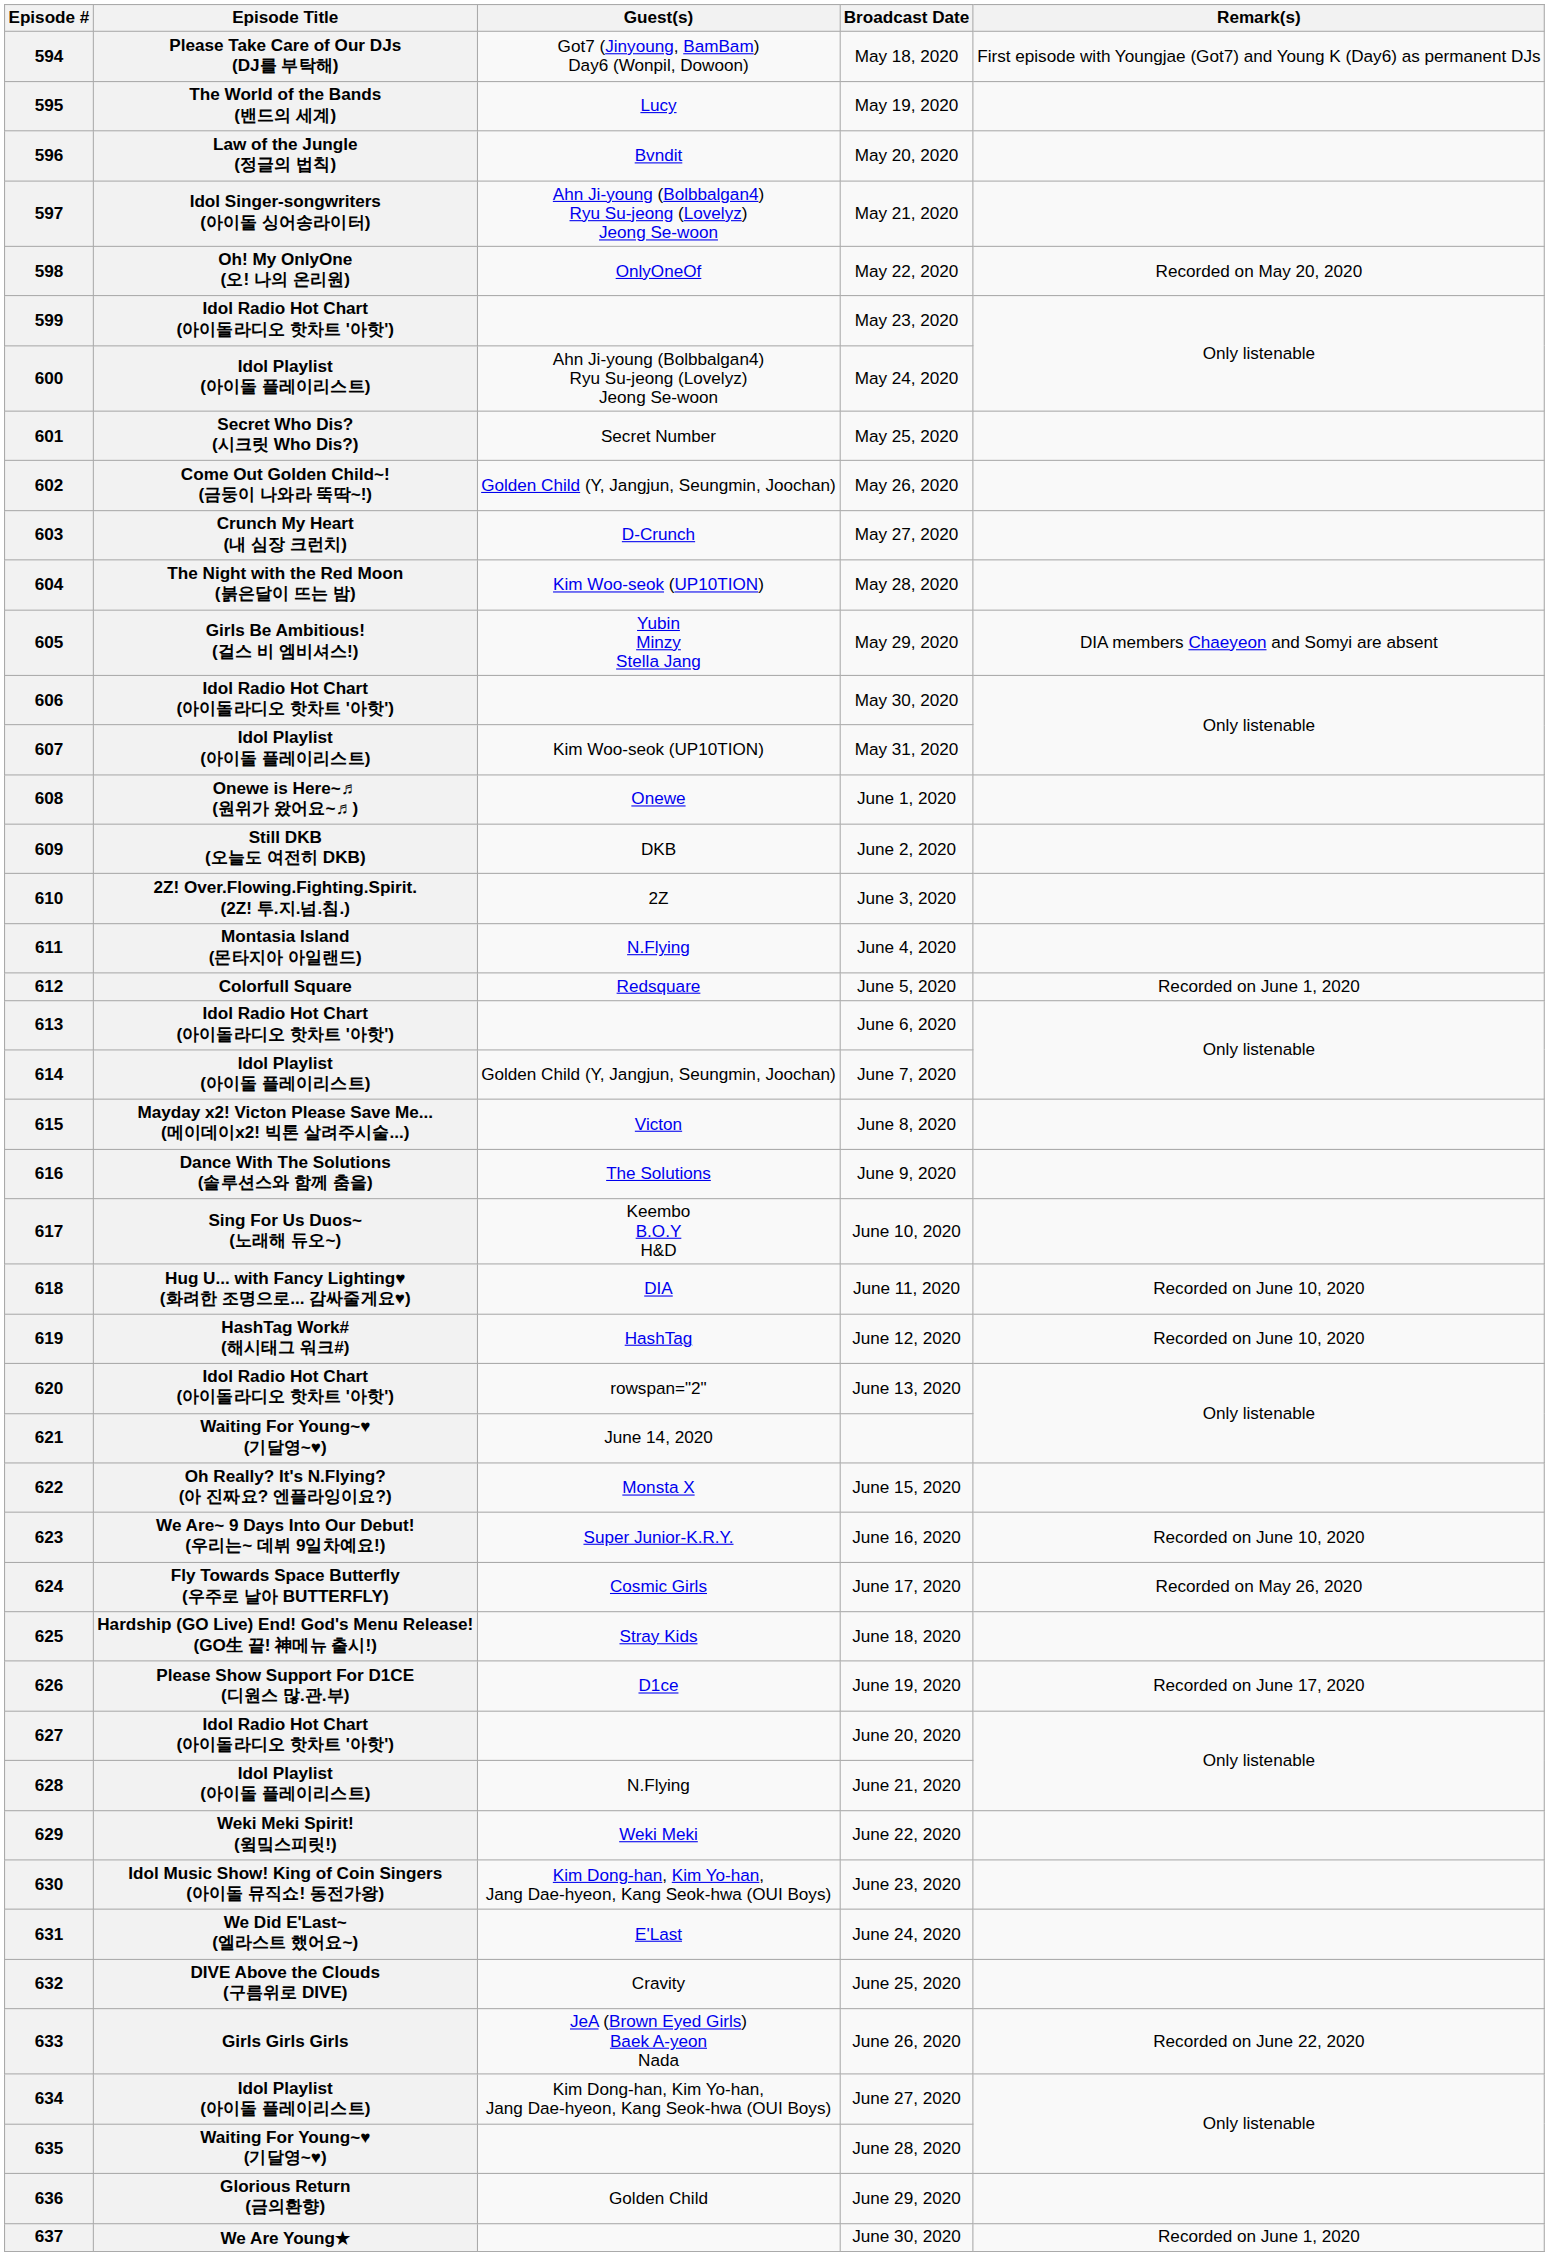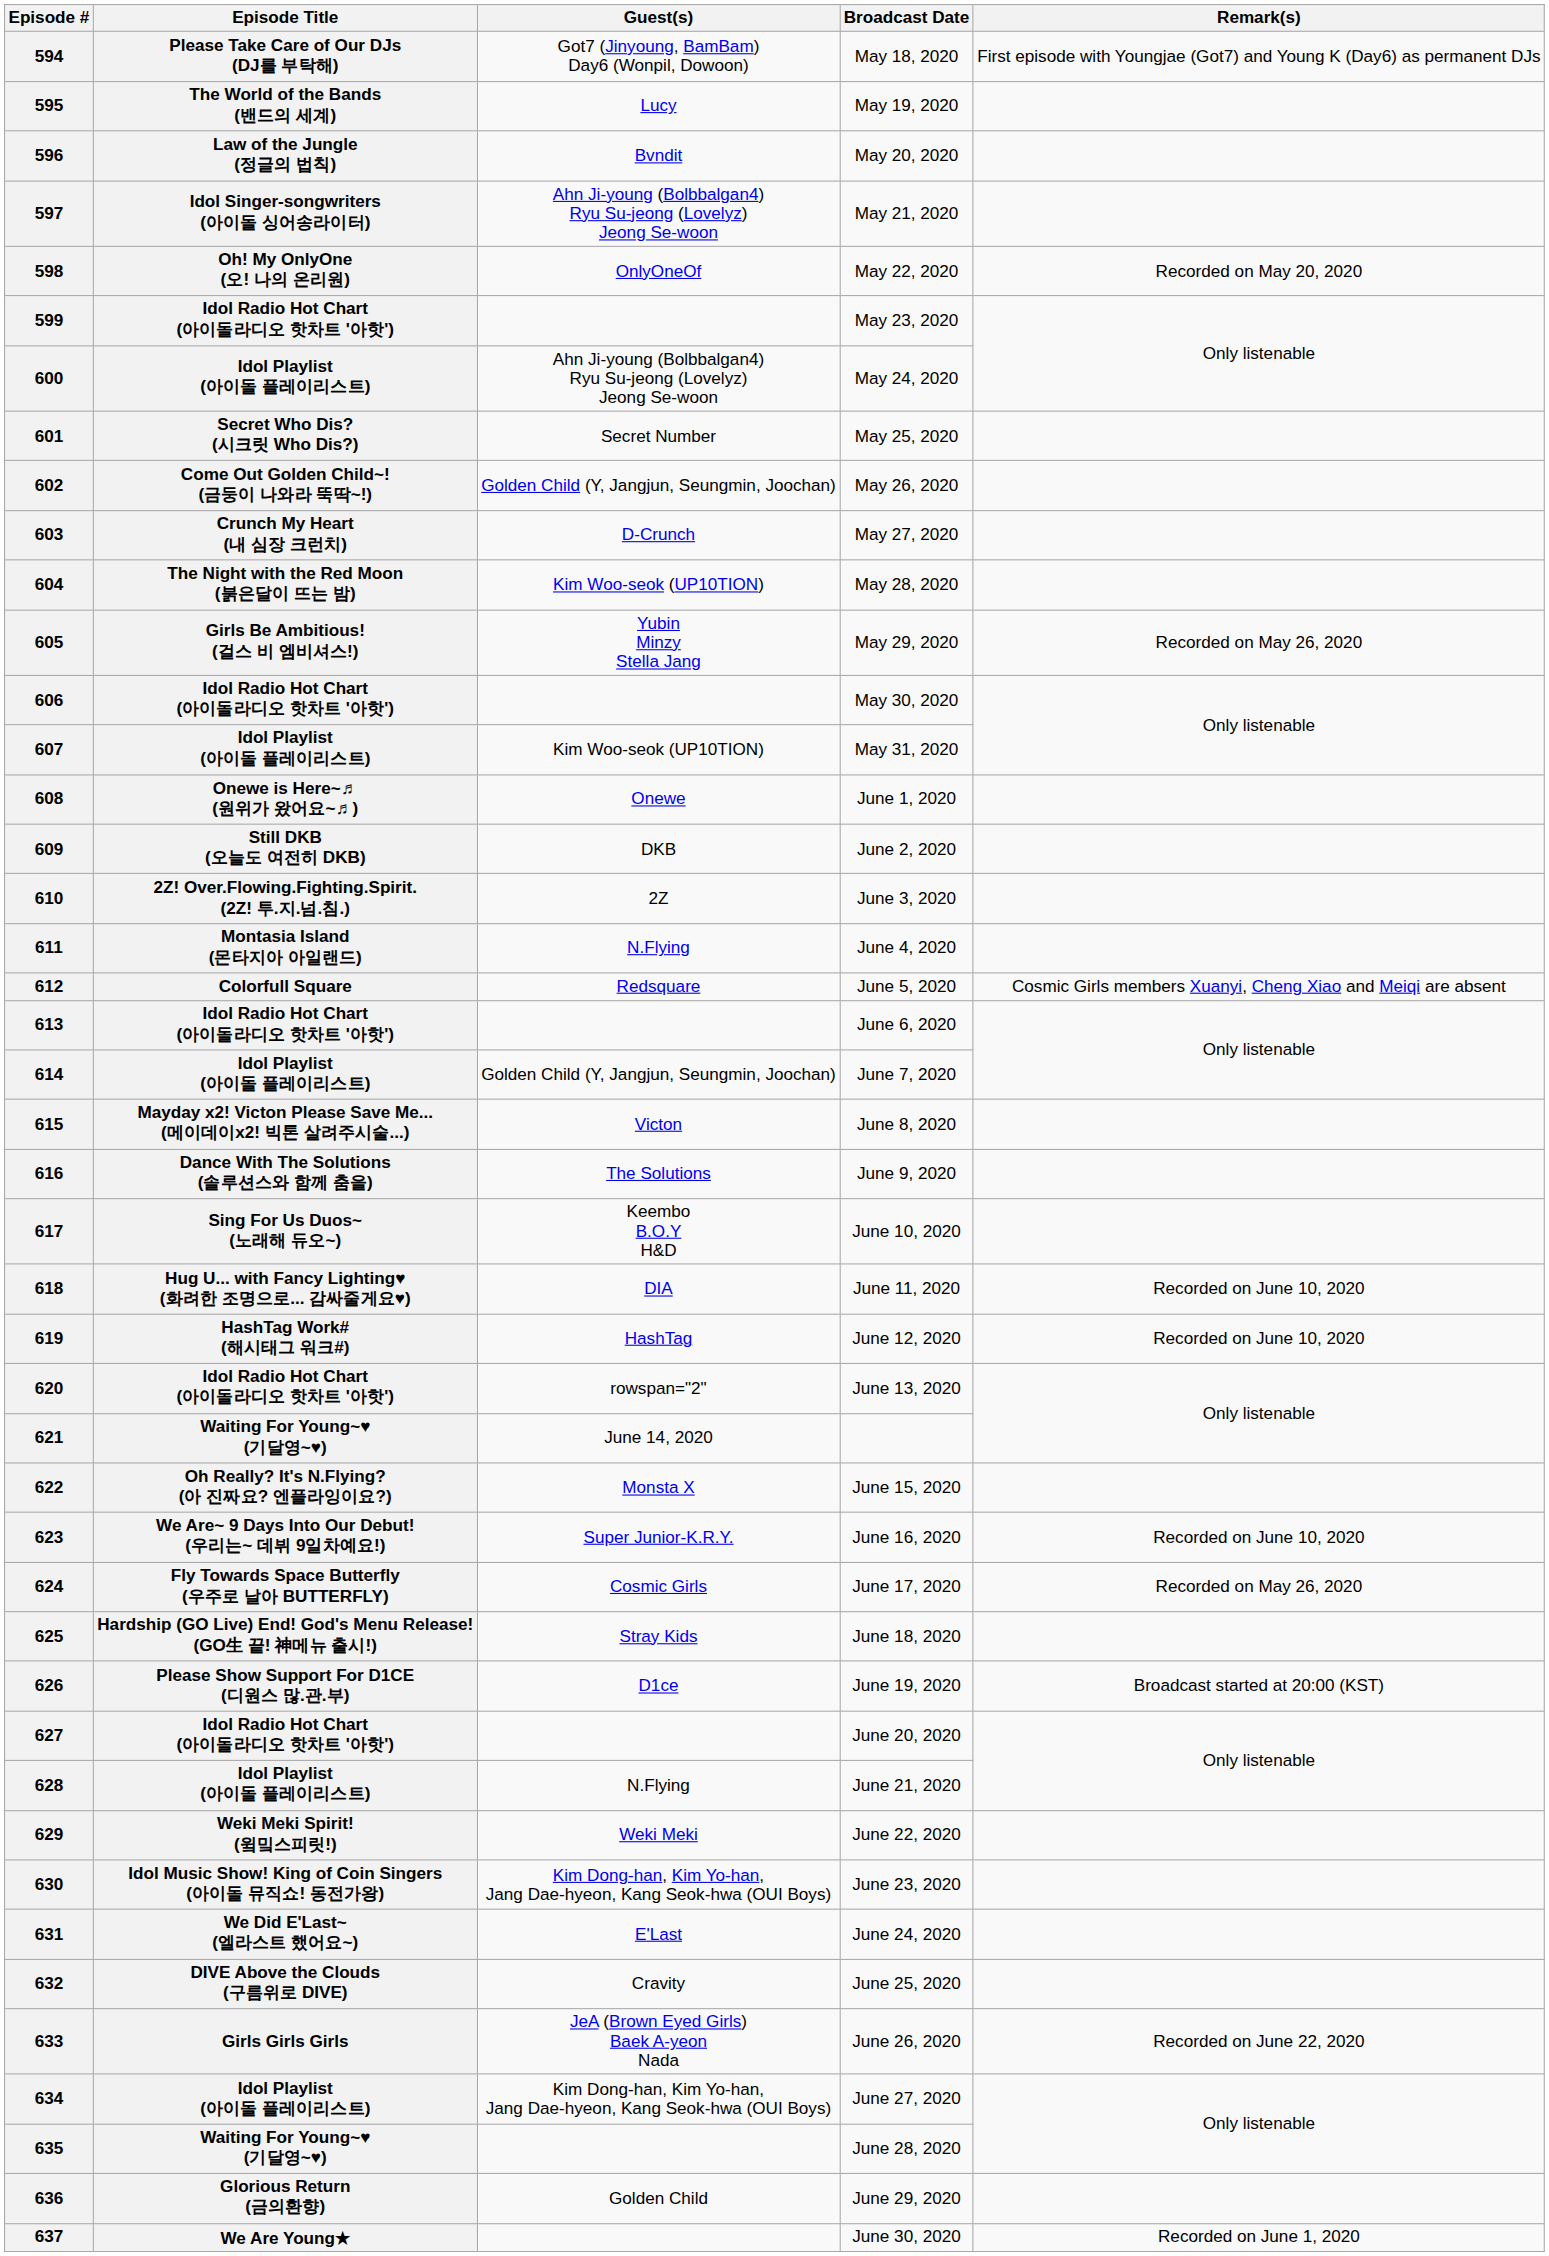 <table class="wikitable" style="text-align:center">
 <tr>
 <th>Episode #</th>
 <th>Episode Title</th>
 <th>Guest(s)</th>
 <th>Broadcast Date</th>
 <th>Remark(s)</th>
 </tr>
 <tr>
 <th>594</th>
 <th>Please Take Care of Our DJs<br>(DJ를 부탁해)</th>
 <td>Got7 (<a href='#'>Jinyoung</a>, <a href='#'>BamBam</a>)<br>Day6 (Wonpil, Dowoon)</td>
 <td>May 18, 2020</td>
 <td>First episode with Youngjae (Got7) and Young K (Day6) as permanent DJs</td>
 </tr>
 <tr>
 <th>595</th>
 <th>The World of the Bands<br>(밴드의 세계)</th>
 <td><a href='#'>Lucy</a></td>
 <td>May 19, 2020</td>
 <td></td>
 </tr>
 <tr>
 <th>596</th>
 <th>Law of the Jungle<br>(정글의 법칙)</th>
 <td><a href='#'>Bvndit</a></td>
 <td>May 20, 2020</td>
 <td></td>
 </tr>
 <tr>
 <th>597</th>
 <th>Idol Singer-songwriters<br>(아이돌 싱어송라이터)</th>
 <td><a href='#'>Ahn Ji-young</a> (<a href='#'>Bolbbalgan4</a>)<br><a href='#'>Ryu Su-jeong</a> (<a href='#'>Lovelyz</a>)<br><a href='#'>Jeong Se-woon</a></td>
 <td>May 21, 2020</td>
 <td></td>
 </tr>
 <tr>
 <th>598</th>
 <th>Oh! My OnlyOne<br>(오! 나의 온리원)</th>
 <td><a href='#'>OnlyOneOf</a></td>
 <td>May 22, 2020</td>
 <td>Recorded on May 20, 2020</td>
 </tr>
 <tr>
 <th>599</th>
 <th>Idol Radio Hot Chart<br>(아이돌라디오 핫차트 '아핫')</th>
 <td></td>
 <td>May 23, 2020</td>
 <td rowspan="2">Only listenable</td>
 </tr>
 <tr>
 <th>600</th>
 <th>Idol Playlist<br>(아이돌 플레이리스트)</th>
 <td>Ahn Ji-young (Bolbbalgan4)<br>Ryu Su-jeong (Lovelyz)<br>Jeong Se-woon</td>
 <td>May 24, 2020</td>
 </tr>
 <tr>
 <th>601</th>
 <th>Secret Who Dis?<br>(시크릿 Who Dis?)</th>
 <td>Secret Number</td>
 <td>May 25, 2020</td>
 <td></td>
 </tr>
 <tr>
 <th>602</th>
 <th>Come Out Golden Child~!<br>(금둥이 나와라 뚝딱~!)</th>
 <td><a href='#'>Golden Child</a> (Y, Jangjun, Seungmin, Joochan)</td>
 <td>May 26, 2020</td>
 <td></td>
 </tr>
 <tr>
 <th>603</th>
 <th>Crunch My Heart<br>(내 심장 크런치)</th>
 <td><a href='#'>D-Crunch</a></td>
 <td>May 27, 2020</td>
 <td></td>
 </tr>
 <tr>
 <th>604</th>
 <th>The Night with the Red Moon<br>(붉은달이 뜨는 밤)</th>
 <td><a href='#'>Kim Woo-seok</a> (<a href='#'>UP10TION</a>)</td>
 <td>May 28, 2020</td>
 <td></td>
 </tr>
 <tr>
 <th>605</th>
 <th>Girls Be Ambitious!<br>(걸스 비 엠비셔스!)</th>
 <td><a href='#'>Yubin</a><br><a href='#'>Minzy</a><br><a href='#'>Stella Jang</a></td>
 <td>May 29, 2020</td>
-<td>DIA members <a href='#'>Chaeyeon</a> and Somyi are absent</td>
+<td>Recorded on May 26, 2020</td>
 </tr>
 <tr>
 <th>606</th>
 <th>Idol Radio Hot Chart<br>(아이돌라디오 핫차트 '아핫')</th>
 <td></td>
 <td>May 30, 2020</td>
 <td rowspan="2">Only listenable</td>
 </tr>
 <tr>
 <th>607</th>
 <th>Idol Playlist<br>(아이돌 플레이리스트)</th>
 <td>Kim Woo-seok (UP10TION)</td>
 <td>May 31, 2020</td>
 </tr>
 <tr>
 <th>608</th>
 <th>Onewe is Here~♬<br>(원위가 왔어요~♬)</th>
 <td><a href='#'>Onewe</a></td>
 <td>June 1, 2020</td>
 <td></td>
 </tr>
 <tr>
 <th>609</th>
 <th>Still DKB<br>(오늘도 여전히 DKB)</th>
 <td>DKB</td>
 <td>June 2, 2020</td>
 <td></td>
 </tr>
 <tr>
 <th>610</th>
 <th>2Z! Over.Flowing.Fighting.Spirit.<br>(2Z! 투.지.넘.침.)</th>
 <td>2Z</td>
 <td>June 3, 2020</td>
 <td></td>
 </tr>
 <tr>
 <th>611</th>
 <th>Montasia Island<br>(몬타지아 아일랜드)</th>
 <td><a href='#'>N.Flying</a></td>
 <td>June 4, 2020</td>
 <td></td>
 </tr>
 <tr>
 <th>612</th>
 <th>Colorfull Square</th>
 <td><a href='#'>Redsquare</a></td>
 <td>June 5, 2020</td>
-<td>Recorded on June 1, 2020</td>
+<td>Cosmic Girls members <a href='#'>Xuanyi</a>, <a href='#'>Cheng Xiao</a> and <a href='#'>Meiqi</a> are absent</td>
 </tr>
 <tr>
 <th>613</th>
 <th>Idol Radio Hot Chart<br>(아이돌라디오 핫차트 '아핫')</th>
 <td></td>
 <td>June 6, 2020</td>
 <td rowspan="2">Only listenable</td>
 </tr>
 <tr>
 <th>614</th>
 <th>Idol Playlist<br>(아이돌 플레이리스트)</th>
 <td>Golden Child (Y, Jangjun, Seungmin, Joochan)</td>
 <td>June 7, 2020</td>
 </tr>
 <tr>
 <th>615</th>
 <th>Mayday x2! Victon Please Save Me...<br>(메이데이x2! 빅톤 살려주시술...)</th>
 <td><a href='#'>Victon</a></td>
 <td>June 8, 2020</td>
 <td></td>
 </tr>
 <tr>
 <th>616</th>
 <th>Dance With The Solutions<br>(솔루션스와 함께 춤을)</th>
 <td><a href='#'>The Solutions</a></td>
 <td>June 9, 2020</td>
 <td></td>
 </tr>
 <tr>
 <th>617</th>
 <th>Sing For Us Duos~<br>(노래해 듀오~)</th>
 <td>Keembo<br><a href='#'>B.O.Y</a><br>H&D</td>
 <td>June 10, 2020</td>
 <td></td>
 </tr>
 <tr>
 <th>618</th>
 <th>Hug U... with Fancy Lighting♥<br>(화려한 조명으로... 감싸줄게요♥)</th>
 <td><a href='#'>DIA</a></td>
 <td>June 11, 2020</td>
 <td>Recorded on June 10, 2020</td>
 </tr>
 <tr>
 <th>619</th>
 <th>HashTag Work#<br>(해시태그 워크#)</th>
 <td><a href='#'>HashTag</a></td>
 <td>June 12, 2020</td>
 <td>Recorded on June 10, 2020</td>
 </tr>
 <tr>
 <th>620</th>
 <th>Idol Radio Hot Chart<br>(아이돌라디오 핫차트 '아핫')</th>
 <td>rowspan="2" </td>
 <td>June 13, 2020</td>
 <td rowspan="2">Only listenable</td>
 </tr>
 <tr>
 <th>621</th>
 <th>Waiting For Young~♥<br>(기달영~♥)</th>
 <td>June 14, 2020</td>
 </tr>
 <tr>
 <th>622</th>
 <th>Oh Really? It's N.Flying?<br>(아 진짜요? 엔플라잉이요?)</th>
 <td><a href='#'>Monsta X</a></td>
 <td>June 15, 2020</td>
 <td></td>
 </tr>
 <tr>
 <th>623</th>
 <th>We Are~ 9 Days Into Our Debut!<br>(우리는~ 데뷔 9일차예요!)</th>
 <td><a href='#'>Super Junior-K.R.Y.</a></td>
 <td>June 16, 2020</td>
 <td>Recorded on June 10, 2020</td>
 </tr>
 <tr>
 <th>624</th>
 <th>Fly Towards Space Butterfly<br>(우주로 날아 BUTTERFLY)</th>
 <td><a href='#'>Cosmic Girls</a></td>
 <td>June 17, 2020</td>
 <td>Recorded on May 26, 2020</td>
 </tr>
 <tr>
 <th>625</th>
 <th>Hardship (GO Live) End! God's Menu Release!<br>(GO生 끝! 神메뉴 출시!)</th>
 <td><a href='#'>Stray Kids</a></td>
 <td>June 18, 2020</td>
 <td></td>
 </tr>
 <tr>
 <th>626</th>
 <th>Please Show Support For D1CE<br>(디원스 많.관.부)</th>
 <td><a href='#'>D1ce</a></td>
 <td>June 19, 2020</td>
-<td>Recorded on June 17, 2020</td>
+<td>Broadcast started at 20:00 (KST)</td>
 </tr>
 <tr>
 <th>627</th>
 <th>Idol Radio Hot Chart<br>(아이돌라디오 핫차트 '아핫')</th>
 <td></td>
 <td>June 20, 2020</td>
 <td rowspan="2">Only listenable</td>
 </tr>
 <tr>
 <th>628</th>
 <th>Idol Playlist<br>(아이돌 플레이리스트)</th>
 <td>N.Flying</td>
 <td>June 21, 2020</td>
 </tr>
 <tr>
 <th>629</th>
 <th>Weki Meki Spirit!<br>(윜밐스피릿!)</th>
 <td><a href='#'>Weki Meki</a></td>
 <td>June 22, 2020</td>
 <td></td>
 </tr>
 <tr>
 <th>630</th>
 <th>Idol Music Show! King of Coin Singers<br>(아이돌 뮤직쇼! 동전가왕)</th>
 <td><a href='#'>Kim Dong-han</a>, <a href='#'>Kim Yo-han</a>,<br>Jang Dae-hyeon, Kang Seok-hwa (OUI Boys)</td>
 <td>June 23, 2020</td>
 <td></td>
 </tr>
 <tr>
 <th>631</th>
 <th>We Did E'Last~<br>(엘라스트 했어요~)</th>
 <td><a href='#'>E'Last</a></td>
 <td>June 24, 2020</td>
 <td></td>
 </tr>
 <tr>
 <th>632</th>
 <th>DIVE Above the Clouds<br>(구름위로 DIVE)</th>
 <td>Cravity</td>
 <td>June 25, 2020</td>
 <td></td>
 </tr>
 <tr>
 <th>633</th>
 <th>Girls Girls Girls</th>
 <td><a href='#'>JeA</a> (<a href='#'>Brown Eyed Girls</a>)<br><a href='#'>Baek A-yeon</a><br>Nada</td>
 <td>June 26, 2020</td>
 <td>Recorded on June 22, 2020</td>
 </tr>
 <tr>
 <th>634</th>
 <th>Idol Playlist<br>(아이돌 플레이리스트)</th>
 <td>Kim Dong-han, Kim Yo-han,<br>Jang Dae-hyeon, Kang Seok-hwa (OUI Boys)</td>
 <td>June 27, 2020</td>
 <td rowspan="2">Only listenable</td>
 </tr>
 <tr>
 <th>635</th>
 <th>Waiting For Young~♥<br>(기달영~♥)</th>
 <td></td>
 <td>June 28, 2020</td>
 </tr>
 <tr>
 <th>636</th>
 <th>Glorious Return<br>(금의환향)</th>
 <td>Golden Child</td>
 <td>June 29, 2020</td>
 <td></td>
 </tr>
 <tr>
 <th>637</th>
 <th>We Are Young★</th>
 <td></td>
 <td>June 30, 2020</td>
 <td>Recorded on June 1, 2020</td>
 </tr>
 <tr>
 </tr>
 </table>
